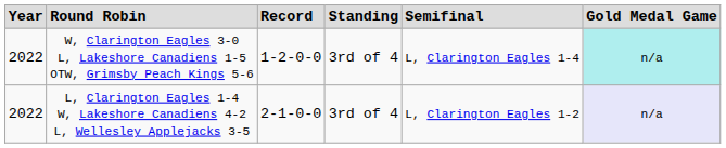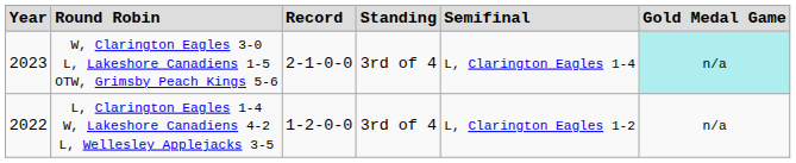 <table class="wikitable">
 <tr style="font-weight:bold; background-color:#dddddd;" |>
 <td>Year</td>
 <td>Round Robin</td>
 <td>Record</td>
 <td>Standing</td>
 <td>Semifinal</td>
 <td>Gold Medal Game</td>
 </tr>
 <tr align=center>
-<td>2022</td>
+<td>2023</td>
 <td><small>W, <a href='#'>Clarington Eagles</a> 3-0<br>L, <a href='#'>Lakeshore Canadiens</a> 1-5<br>OTW, <a href='#'>Grimsby Peach Kings</a> 5-6</small></td>
-<td>1-2-0-0</td>
+<td>2-1-0-0</td>
 <td>3rd of 4</td>
 <td><small>L, <a href='#'>Clarington Eagles</a> 1-4</small></td>
 <td style="background: paleturquoise;"><small>n/a</small></td>
 </tr>
 <tr align=center>
 <td>2022</td>
 <td><small>L, <a href='#'>Clarington Eagles</a> 1-4<br>W, <a href='#'>Lakeshore Canadiens</a> 4-2<br>L, <a href='#'>Wellesley Applejacks</a> 3-5</small></td>
-<td>2-1-0-0</td>
+<td>1-2-0-0</td>
 <td>3rd of 4</td>
 <td><small>L, <a href='#'>Clarington Eagles</a> 1-2</small></td>
-<td style="background: lavender;"><small>n/a</small></td>
+<td><small>n/a</small></td>
 </tr>
 </table>
